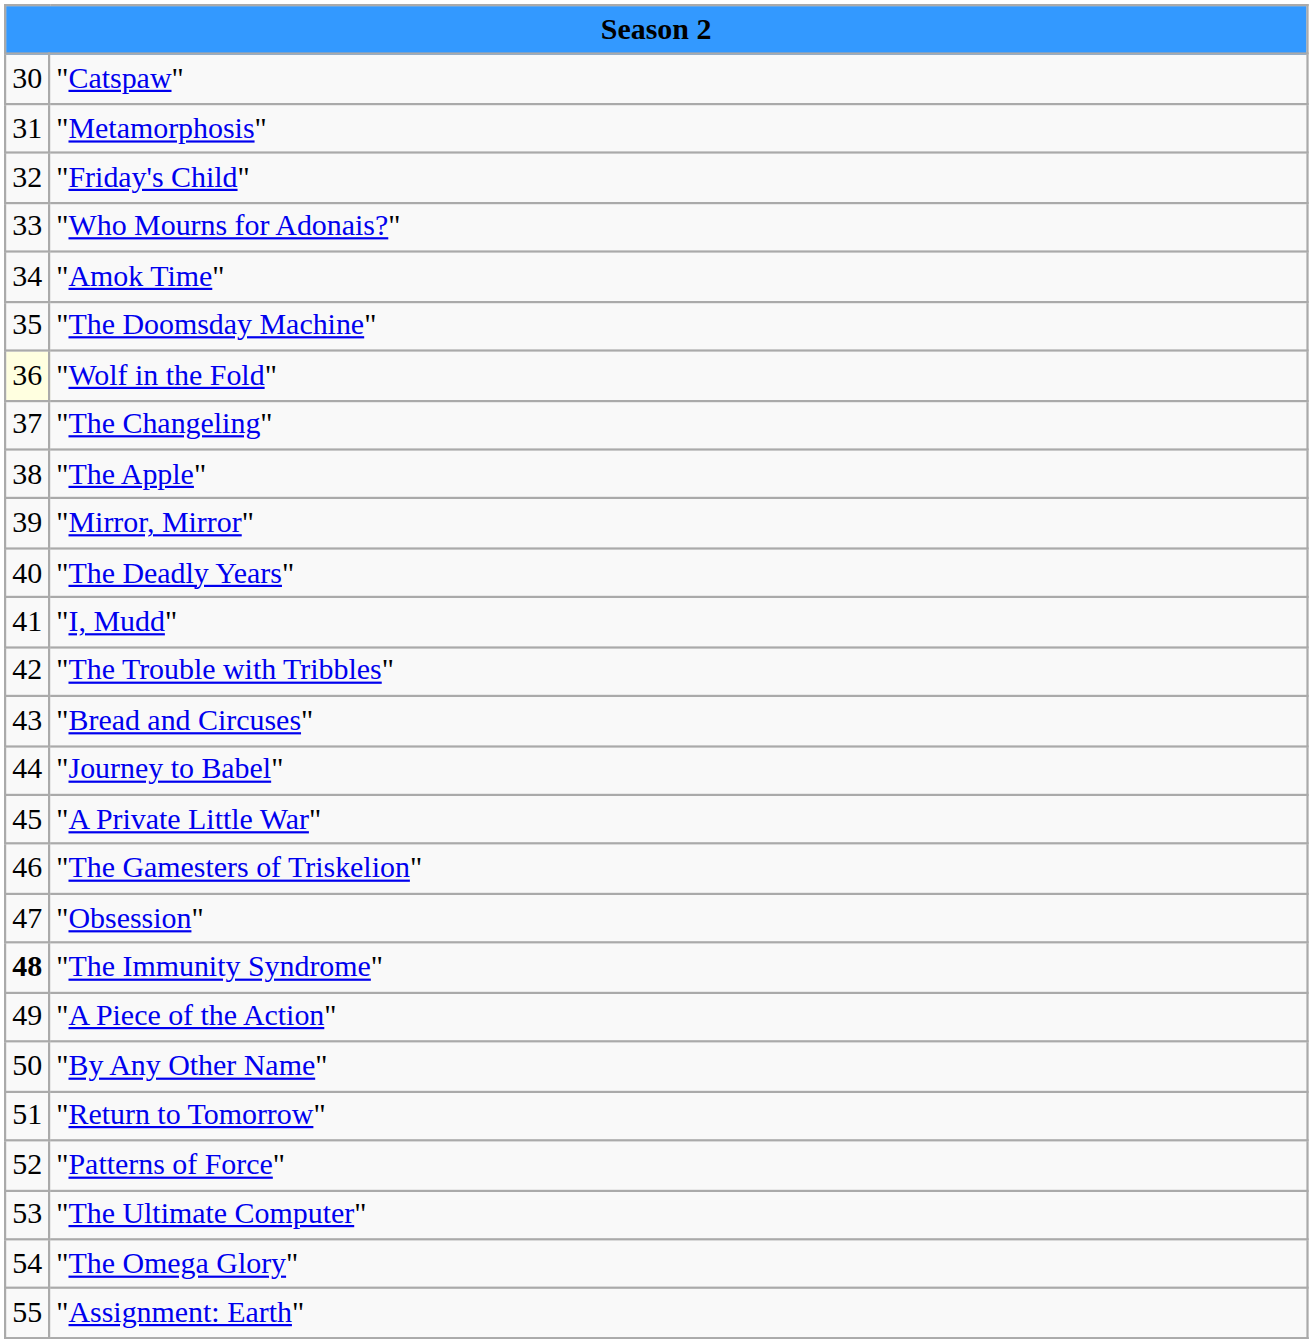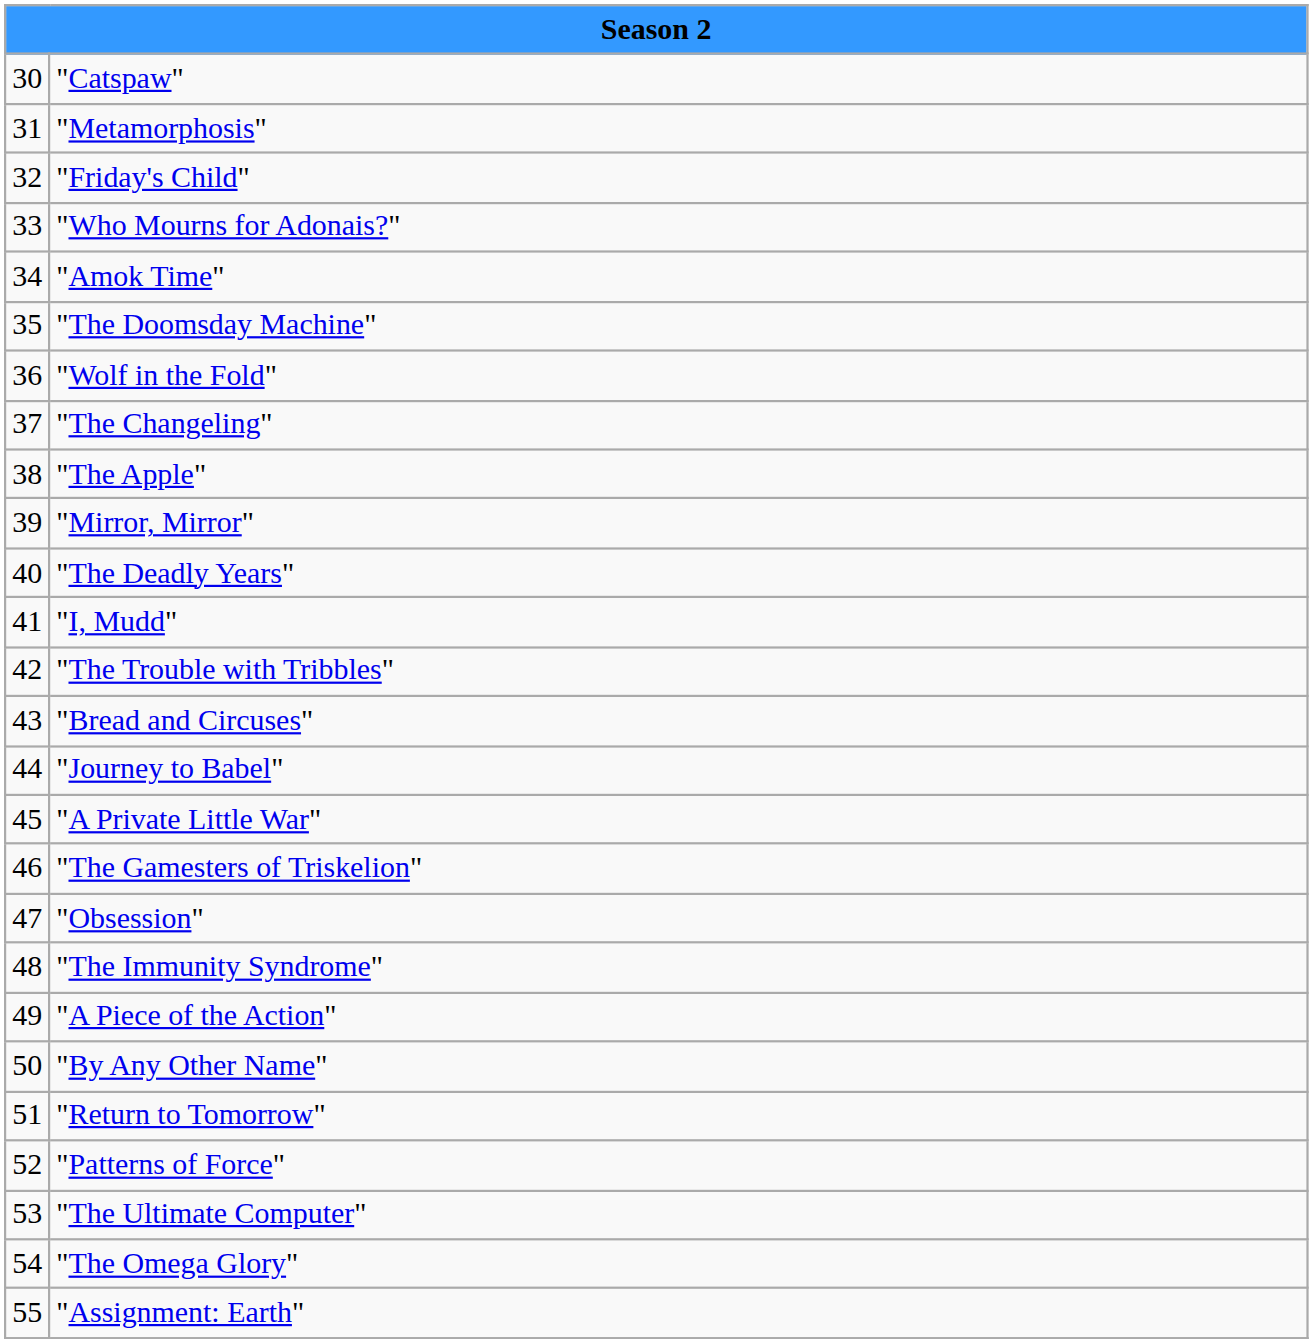 <table class="wikitable" style="font-size:85%; width: 95%;">
 <tr bgcolor="#CCCCCC">
 <th colspan=2 style="background-color: #3399FF">Season 2</th>
 </tr>
 <tr>
 <td width="10px" align="center">30</td>
 <td>"<a href='#'>Catspaw</a>"</td>
 </tr>
 <tr>
 <td width="10px" align="center">31</td>
 <td>"<a href='#'>Metamorphosis</a>"</td>
 </tr>
 <tr>
 <td width="10px" align="center">32</td>
 <td>"<a href='#'>Friday's Child</a>"</td>
 </tr>
 <tr>
 <td width="10px" align="center">33</td>
 <td>"<a href='#'>Who Mourns for Adonais?</a>"</td>
 </tr>
 <tr>
 <td width="10px" align="center">34</td>
 <td>"<a href='#'>Amok Time</a>"</td>
 </tr>
 <tr>
 <td width="10px" align="center">35</td>
 <td>"<a href='#'>The Doomsday Machine</a>"</td>
 </tr>
 <tr>
-<td width="10px" align="center" style="background: lightyellow;">36</td>
+<td width="10px" align="center">36</td>
 <td>"<a href='#'>Wolf in the Fold</a>"</td>
 </tr>
 <tr>
 <td width="10px" align="center">37</td>
 <td>"<a href='#'>The Changeling</a>"</td>
 </tr>
 <tr>
 <td width="10px" align="center">38</td>
 <td>"<a href='#'>The Apple</a>"</td>
 </tr>
 <tr>
 <td width="10px" align="center">39</td>
 <td>"<a href='#'>Mirror, Mirror</a>"</td>
 </tr>
 <tr>
 <td width="10px" align="center">40</td>
 <td>"<a href='#'>The Deadly Years</a>"</td>
 </tr>
 <tr>
 <td width="10px" align="center">41</td>
 <td>"<a href='#'>I, Mudd</a>"</td>
 </tr>
 <tr>
 <td width="10px" align="center">42</td>
 <td>"<a href='#'>The Trouble with Tribbles</a>"</td>
 </tr>
 <tr>
 <td width="10px" align="center">43</td>
 <td>"<a href='#'>Bread and Circuses</a>"</td>
 </tr>
 <tr>
 <td width="10px" align="center">44</td>
 <td>"<a href='#'>Journey to Babel</a>"</td>
 </tr>
 <tr>
 <td width="10px" align="center">45</td>
 <td>"<a href='#'>A Private Little War</a>"</td>
 </tr>
 <tr>
 <td width="10px" align="center">46</td>
 <td>"<a href='#'>The Gamesters of Triskelion</a>"</td>
 </tr>
 <tr>
 <td width="10px" align="center">47</td>
 <td>"<a href='#'>Obsession</a>"</td>
 </tr>
 <tr>
-<td width="10px" align="center"><strong>48</strong></td>
+<td width="10px" align="center">48</td>
 <td>"<a href='#'>The Immunity Syndrome</a>"</td>
 </tr>
 <tr>
 <td width="10px" align="center">49</td>
 <td>"<a href='#'>A Piece of the Action</a>"</td>
 </tr>
 <tr>
 <td width="10px" align="center">50</td>
 <td>"<a href='#'>By Any Other Name</a>"</td>
 </tr>
 <tr>
 <td width="10px" align="center">51</td>
 <td>"<a href='#'>Return to Tomorrow</a>"</td>
 </tr>
 <tr>
 <td width="10px" align="center">52</td>
 <td>"<a href='#'>Patterns of Force</a>"</td>
 </tr>
 <tr>
 <td width="10px" align="center">53</td>
 <td>"<a href='#'>The Ultimate Computer</a>"</td>
 </tr>
 <tr>
 <td width="10px" align="center">54</td>
 <td>"<a href='#'>The Omega Glory</a>"</td>
 </tr>
 <tr>
 <td width="10px" align="center">55</td>
 <td>"<a href='#'>Assignment: Earth</a>"</td>
 </tr>
 <tr>
 </tr>
 </table>
